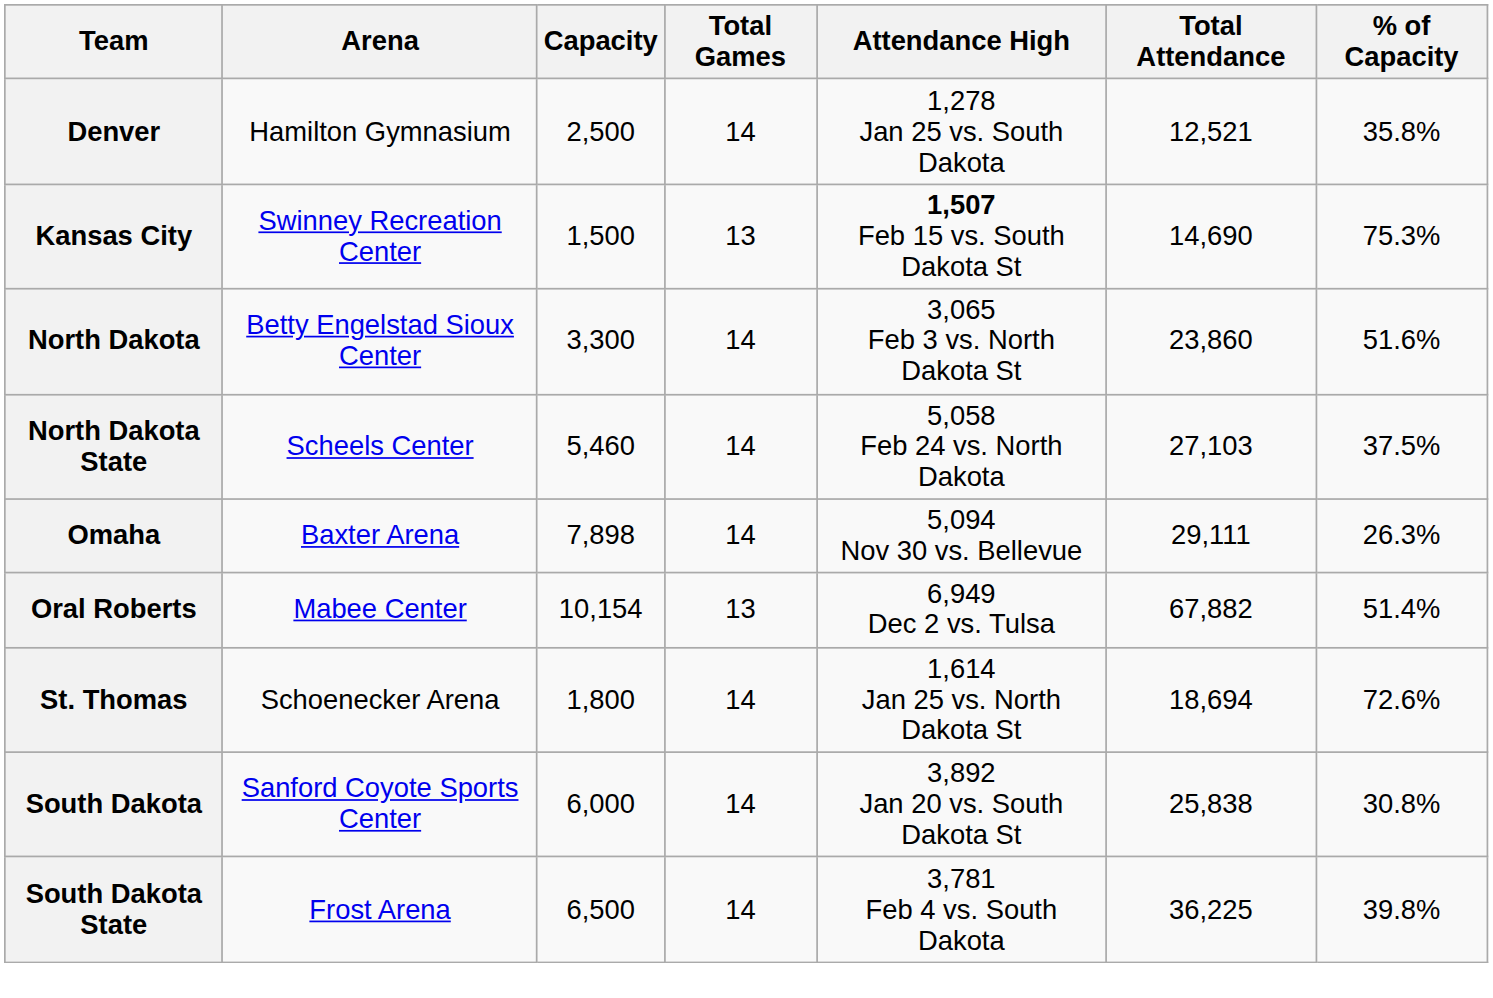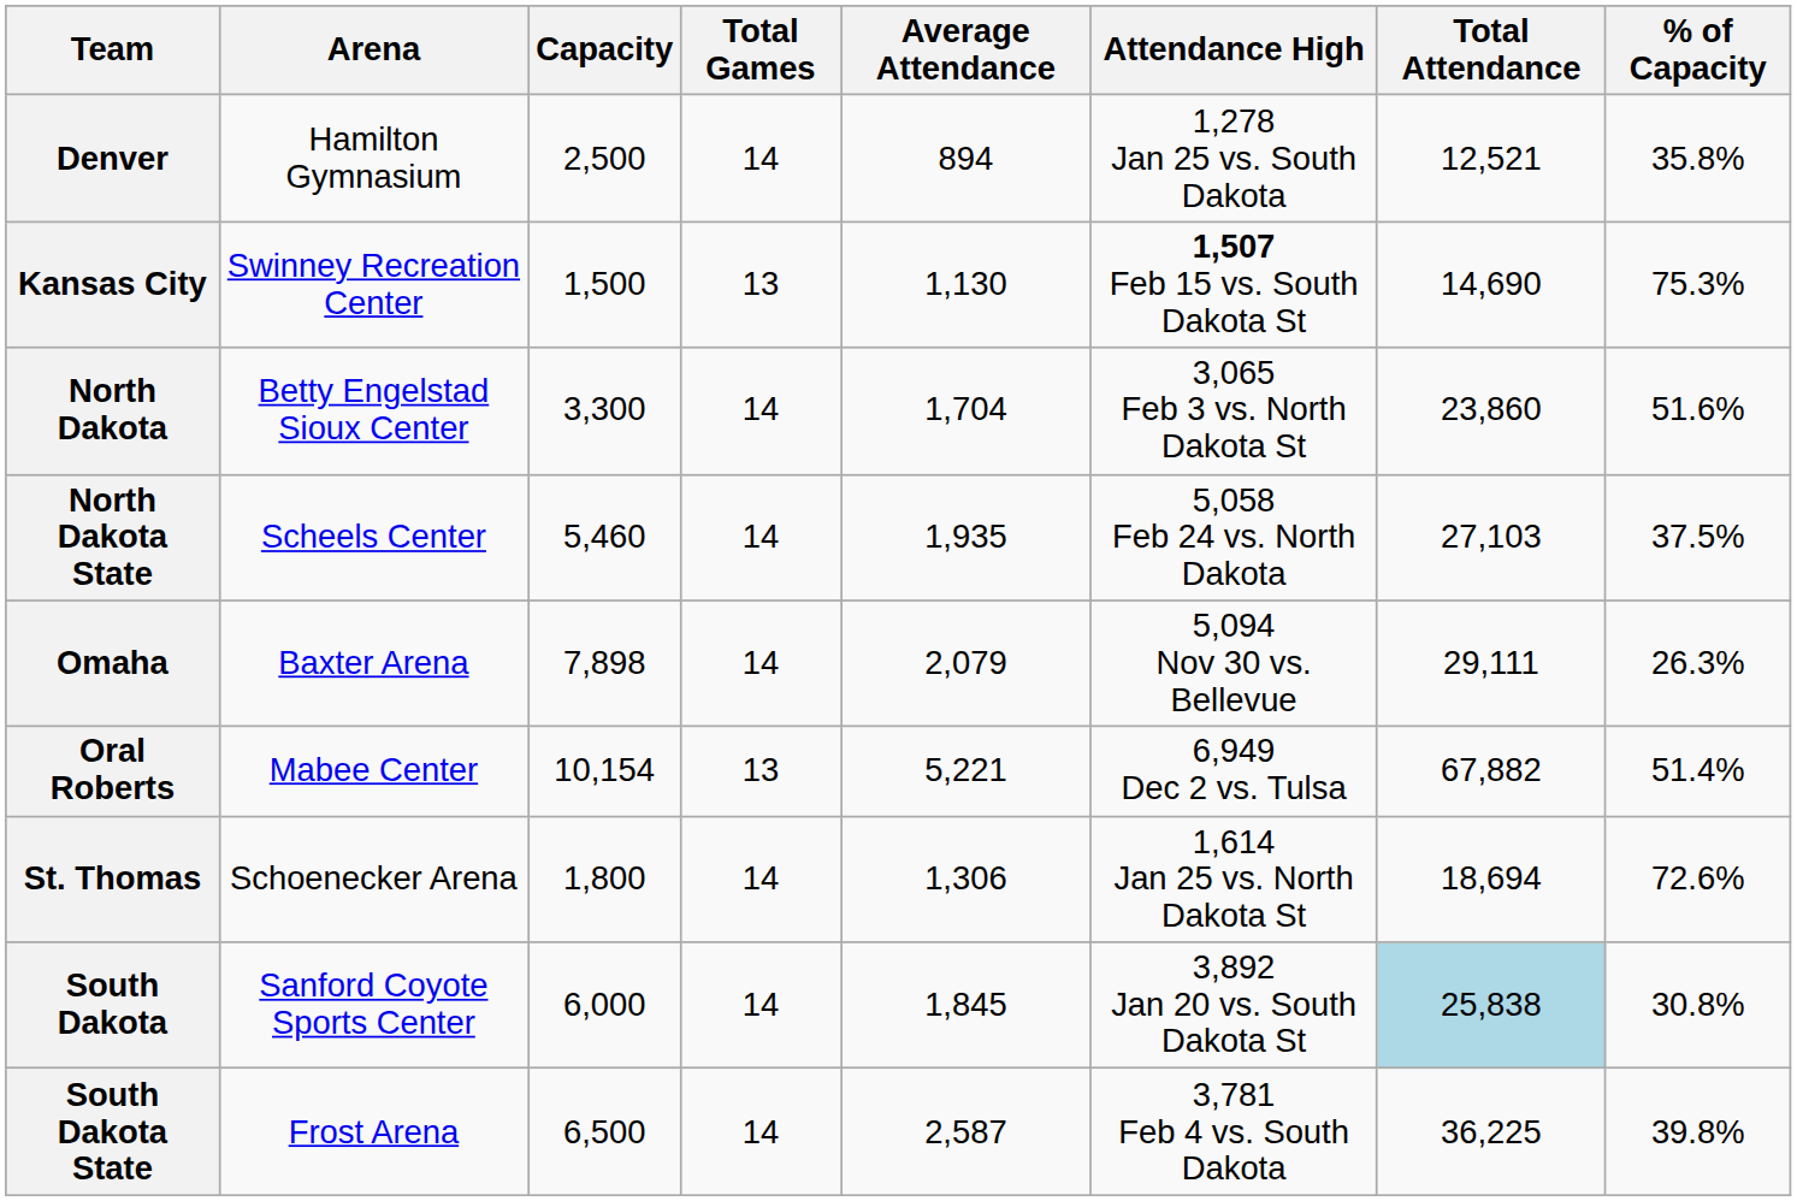 <table class="wikitable sortable" style="text-align:center">
 <tr>
 <th>Team</th>
 <th>Arena</th>
 <th>Capacity</th>
 <th>Total Games</th>
+<th>Average Attendance</th>
 <th>Attendance High</th>
 <th>Total Attendance</th>
 <th>% of Capacity</th>
 </tr>
 <tr>
 <th>Denver</th>
 <td>Hamilton Gymnasium</td>
 <td>2,500</td>
 <td>14</td>
+<td>894</td>
 <td>1,278<br>Jan 25 vs. South Dakota</td>
 <td>12,521</td>
 <td>35.8%</td>
 </tr>
 <tr>
 <th>Kansas City</th>
 <td><a href='#'>Swinney Recreation Center</a></td>
 <td>1,500</td>
 <td>13</td>
+<td>1,130</td>
 <td><strong>1,507</strong><br>Feb 15 vs. South Dakota St</td>
 <td>14,690</td>
 <td>75.3%</td>
 </tr>
 <tr>
 <th>North Dakota</th>
 <td><a href='#'>Betty Engelstad Sioux Center</a></td>
 <td>3,300</td>
 <td>14</td>
+<td>1,704</td>
 <td>3,065<br>Feb 3 vs. North Dakota St</td>
 <td>23,860</td>
 <td>51.6%</td>
 </tr>
 <tr>
 <th>North Dakota State</th>
 <td><a href='#'>Scheels Center</a></td>
 <td>5,460</td>
 <td>14</td>
+<td>1,935</td>
 <td>5,058<br>Feb 24 vs. North Dakota</td>
 <td>27,103</td>
 <td>37.5%</td>
 </tr>
 <tr>
 <th>Omaha</th>
 <td><a href='#'>Baxter Arena</a></td>
 <td>7,898</td>
 <td>14</td>
+<td>2,079</td>
 <td>5,094<br>Nov 30 vs. Bellevue</td>
 <td>29,111</td>
 <td>26.3%</td>
 </tr>
 <tr>
 <th>Oral Roberts</th>
 <td><a href='#'>Mabee Center</a></td>
 <td>10,154</td>
 <td>13</td>
+<td>5,221</td>
 <td>6,949<br>Dec 2 vs. Tulsa</td>
 <td>67,882</td>
 <td>51.4%</td>
 </tr>
 <tr>
 <th>St. Thomas</th>
 <td>Schoenecker Arena</td>
 <td>1,800</td>
 <td>14</td>
+<td>1,306</td>
 <td>1,614<br>Jan 25 vs. North Dakota St</td>
 <td>18,694</td>
 <td>72.6%</td>
 </tr>
 <tr>
 <th>South Dakota</th>
 <td><a href='#'>Sanford Coyote Sports Center</a></td>
 <td>6,000</td>
 <td>14</td>
+<td>1,845</td>
 <td>3,892<br>Jan 20 vs. South Dakota St</td>
-<td>25,838</td>
+<td style="background: lightblue;">25,838</td>
 <td>30.8%</td>
 </tr>
 <tr>
 <th>South Dakota State</th>
 <td><a href='#'>Frost Arena</a></td>
 <td>6,500</td>
 <td>14</td>
+<td>2,587</td>
 <td>3,781<br>Feb 4 vs. South Dakota</td>
 <td>36,225</td>
 <td>39.8%</td>
 </tr>
 </table>
